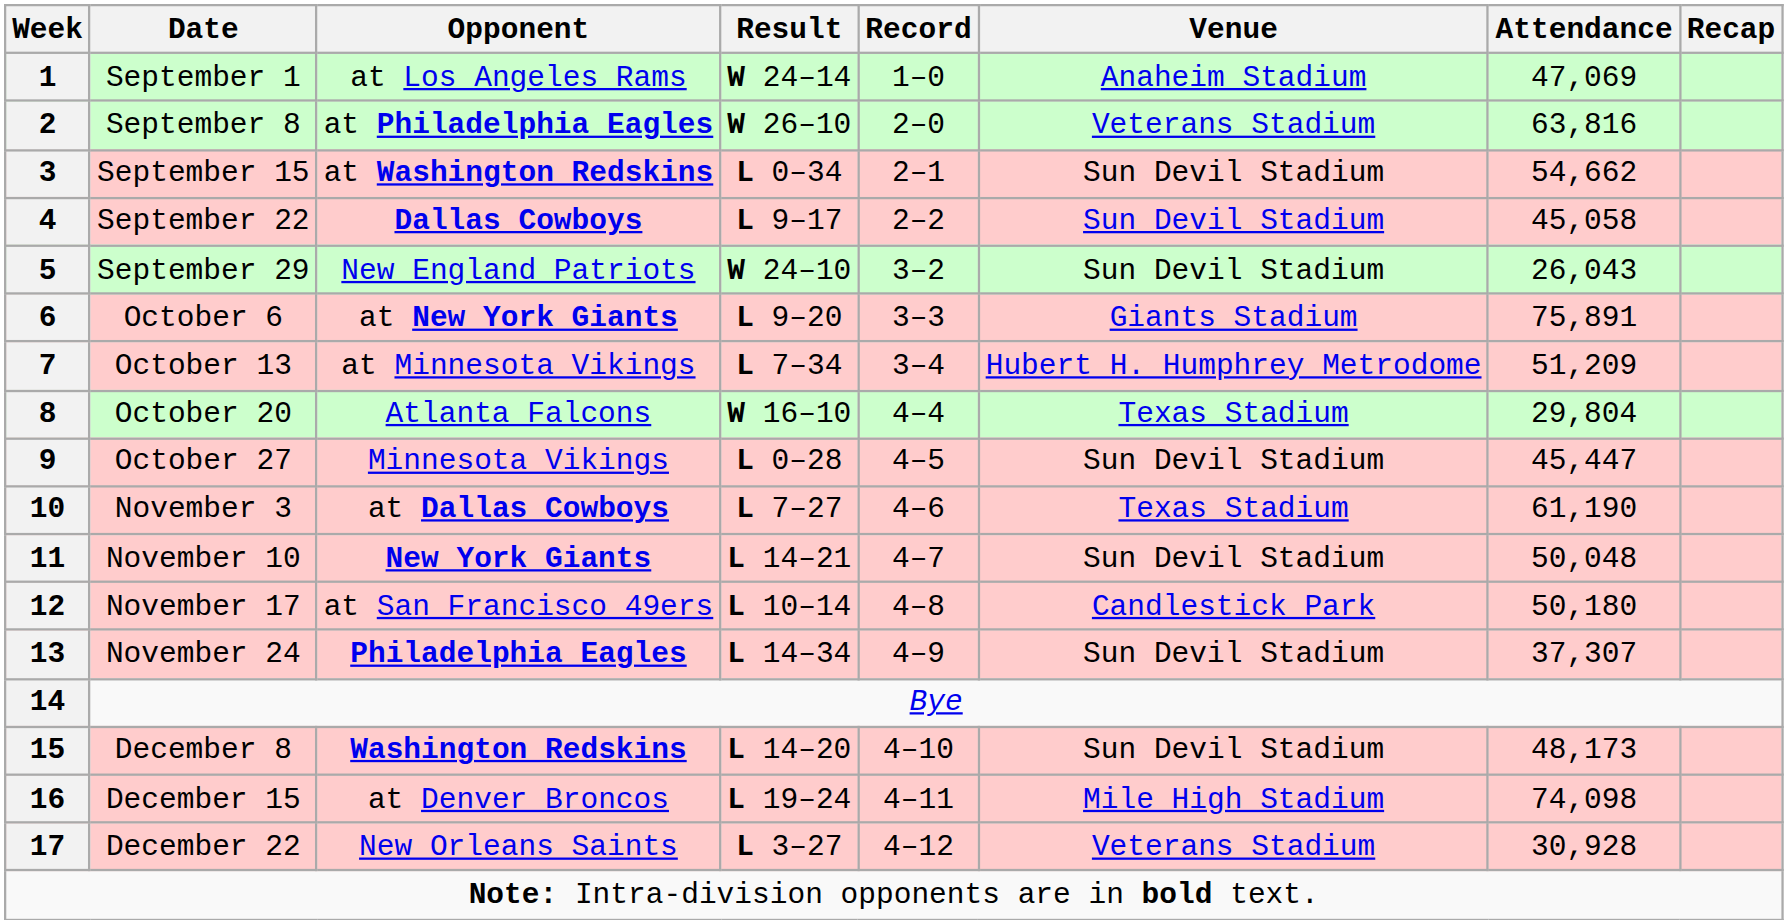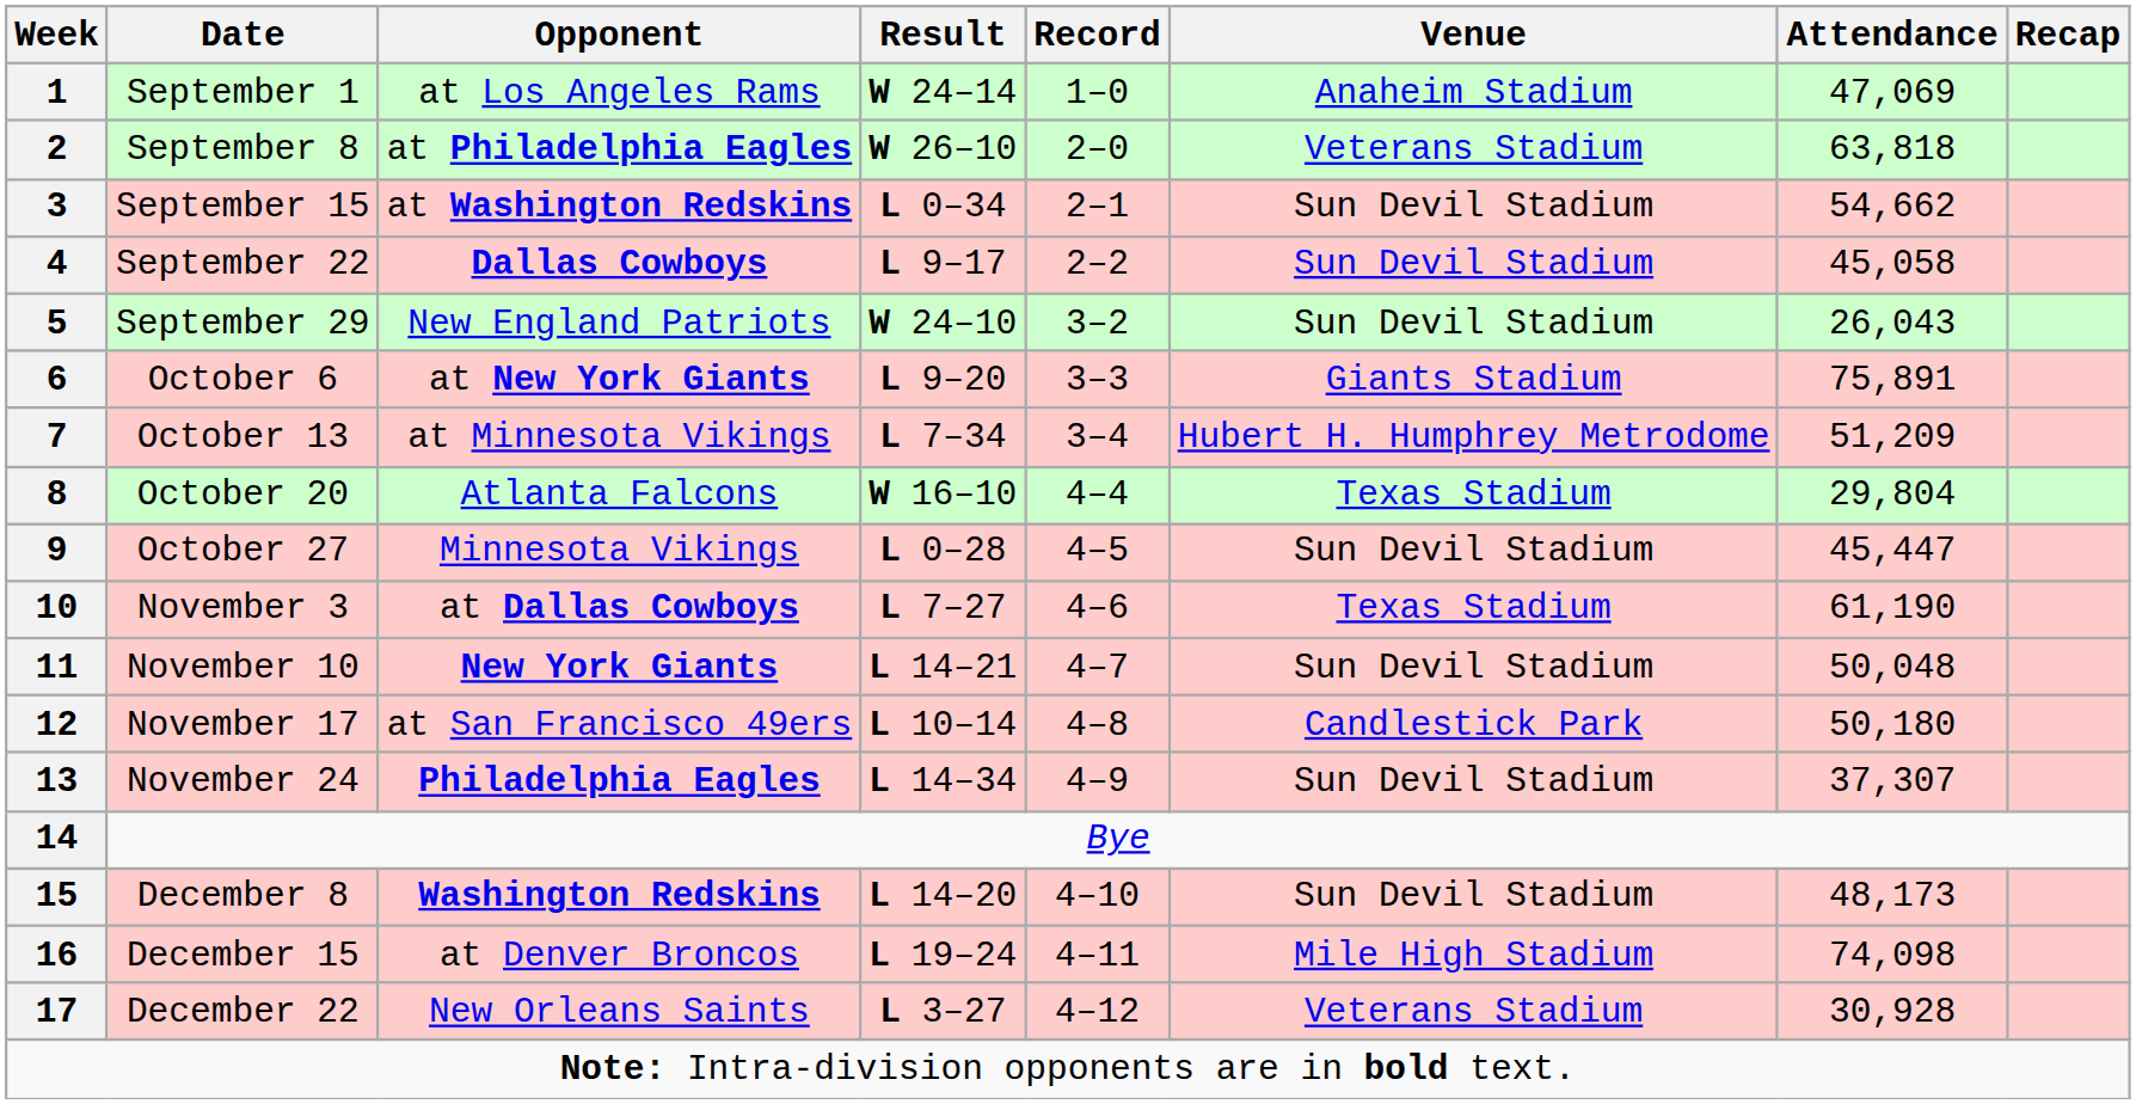 <table class="wikitable" style="text-align:center">
 <tr>
 <th>Week</th>
 <th>Date</th>
 <th>Opponent</th>
 <th>Result</th>
 <th>Record</th>
 <th>Venue</th>
 <th>Attendance</th>
 <th>Recap</th>
 </tr>
 <tr style="background:#cfc">
 <th>1</th>
 <td>September 1</td>
 <td>at <a href='#'>Los Angeles Rams</a></td>
 <td><strong>W</strong> 24–14</td>
 <td>1–0</td>
 <td><a href='#'>Anaheim Stadium</a></td>
 <td>47,069</td>
 <td></td>
 </tr>
 <tr style="background:#cfc">
 <th>2</th>
 <td>September 8</td>
 <td>at <strong><a href='#'>Philadelphia Eagles</a></strong></td>
 <td><strong>W</strong> 26–10</td>
 <td>2–0</td>
 <td><a href='#'>Veterans Stadium</a></td>
-<td>63,816</td>
+<td>63,818</td>
 <td></td>
 </tr>
 <tr style="background:#fcc">
 <th>3</th>
 <td>September 15</td>
 <td>at <strong><a href='#'>Washington Redskins</a></strong></td>
 <td><strong>L</strong> 0–34</td>
 <td>2–1</td>
 <td>Sun Devil Stadium</td>
 <td>54,662</td>
 <td></td>
 </tr>
 <tr style="background:#fcc">
 <th>4</th>
 <td>September 22</td>
 <td><strong><a href='#'>Dallas Cowboys</a></strong></td>
 <td><strong>L</strong> 9–17</td>
 <td>2–2</td>
 <td><a href='#'>Sun Devil Stadium</a></td>
 <td>45,058</td>
 <td></td>
 </tr>
 <tr style="background:#cfc">
 <th>5</th>
 <td>September 29</td>
 <td><a href='#'>New England Patriots</a></td>
 <td><strong>W</strong> 24–10</td>
 <td>3–2</td>
 <td>Sun Devil Stadium</td>
 <td>26,043</td>
 <td></td>
 </tr>
 <tr style="background:#fcc">
 <th>6</th>
 <td>October 6</td>
 <td>at <strong><a href='#'>New York Giants</a></strong></td>
 <td><strong>L</strong> 9–20</td>
 <td>3–3</td>
 <td><a href='#'>Giants Stadium</a></td>
 <td>75,891</td>
 <td></td>
 </tr>
 <tr style="background:#fcc">
 <th>7</th>
 <td>October 13</td>
 <td>at <a href='#'>Minnesota Vikings</a></td>
 <td><strong>L</strong> 7–34</td>
 <td>3–4</td>
 <td><a href='#'>Hubert H. Humphrey Metrodome</a></td>
 <td>51,209</td>
 <td></td>
 </tr>
 <tr style="background:#cfc">
 <th>8</th>
 <td>October 20</td>
 <td><a href='#'>Atlanta Falcons</a></td>
 <td><strong>W</strong> 16–10</td>
 <td>4–4</td>
 <td><a href='#'>Texas Stadium</a></td>
 <td>29,804</td>
 <td></td>
 </tr>
 <tr style="background:#fcc">
 <th>9</th>
 <td>October 27</td>
 <td><a href='#'>Minnesota Vikings</a></td>
 <td><strong>L</strong> 0–28</td>
 <td>4–5</td>
 <td>Sun Devil Stadium</td>
 <td>45,447</td>
 <td></td>
 </tr>
 <tr style="background:#fcc">
 <th>10</th>
 <td>November 3</td>
 <td>at <strong><a href='#'>Dallas Cowboys</a></strong></td>
 <td><strong>L</strong> 7–27</td>
 <td>4–6</td>
 <td><a href='#'>Texas Stadium</a></td>
 <td>61,190</td>
 <td></td>
 </tr>
 <tr style="background:#fcc">
 <th>11</th>
 <td>November 10</td>
 <td><strong><a href='#'>New York Giants</a></strong></td>
 <td><strong>L</strong> 14–21</td>
 <td>4–7</td>
 <td>Sun Devil Stadium</td>
 <td>50,048</td>
 <td></td>
 </tr>
 <tr style="background:#fcc">
 <th>12</th>
 <td>November 17</td>
 <td>at <a href='#'>San Francisco 49ers</a></td>
 <td><strong>L</strong> 10–14</td>
 <td>4–8</td>
 <td><a href='#'>Candlestick Park</a></td>
 <td>50,180</td>
 <td></td>
 </tr>
 <tr style="background:#fcc">
 <th>13</th>
 <td>November 24</td>
 <td><strong><a href='#'>Philadelphia Eagles</a></strong></td>
 <td><strong>L</strong> 14–34</td>
 <td>4–9</td>
 <td>Sun Devil Stadium</td>
 <td>37,307</td>
 <td></td>
 </tr>
 <tr>
 <th>14</th>
 <td colspan="7"><em><a href='#'>Bye</a></em></td>
 </tr>
 <tr style="background:#fcc">
 <th>15</th>
 <td>December 8</td>
 <td><strong><a href='#'>Washington Redskins</a></strong></td>
 <td><strong>L</strong> 14–20</td>
 <td>4–10</td>
 <td>Sun Devil Stadium</td>
 <td>48,173</td>
 <td></td>
 </tr>
 <tr style="background:#fcc">
 <th>16</th>
 <td>December 15</td>
 <td>at <a href='#'>Denver Broncos</a></td>
 <td><strong>L</strong> 19–24</td>
 <td>4–11</td>
 <td><a href='#'>Mile High Stadium</a></td>
 <td>74,098</td>
 <td></td>
 </tr>
 <tr style="background:#fcc">
 <th>17</th>
 <td>December 22</td>
 <td><a href='#'>New Orleans Saints</a></td>
 <td><strong>L</strong> 3–27</td>
 <td>4–12</td>
 <td><a href='#'>Veterans Stadium</a></td>
 <td>30,928</td>
 <td></td>
 </tr>
 <tr>
 <td colspan="8"><strong>Note:</strong> Intra-division opponents are in <strong>bold</strong> text.</td>
 </tr>
 </table>
